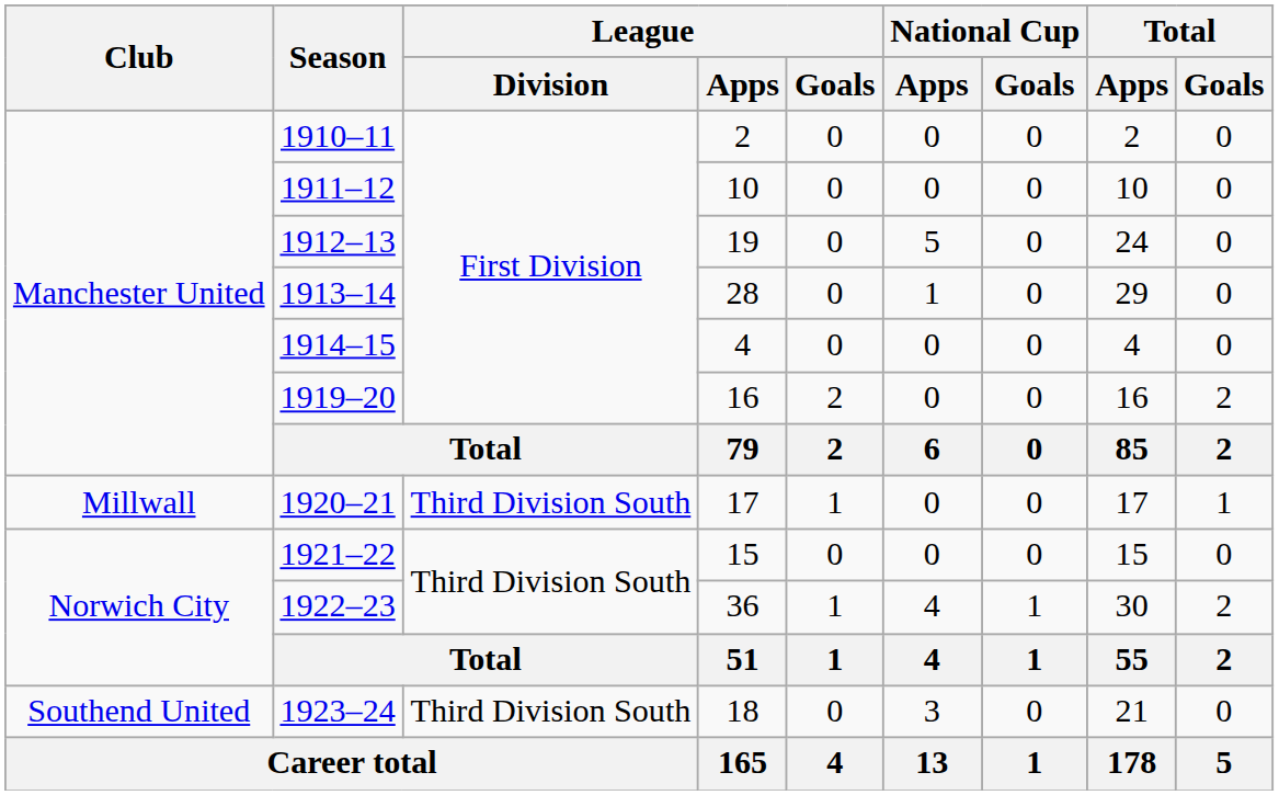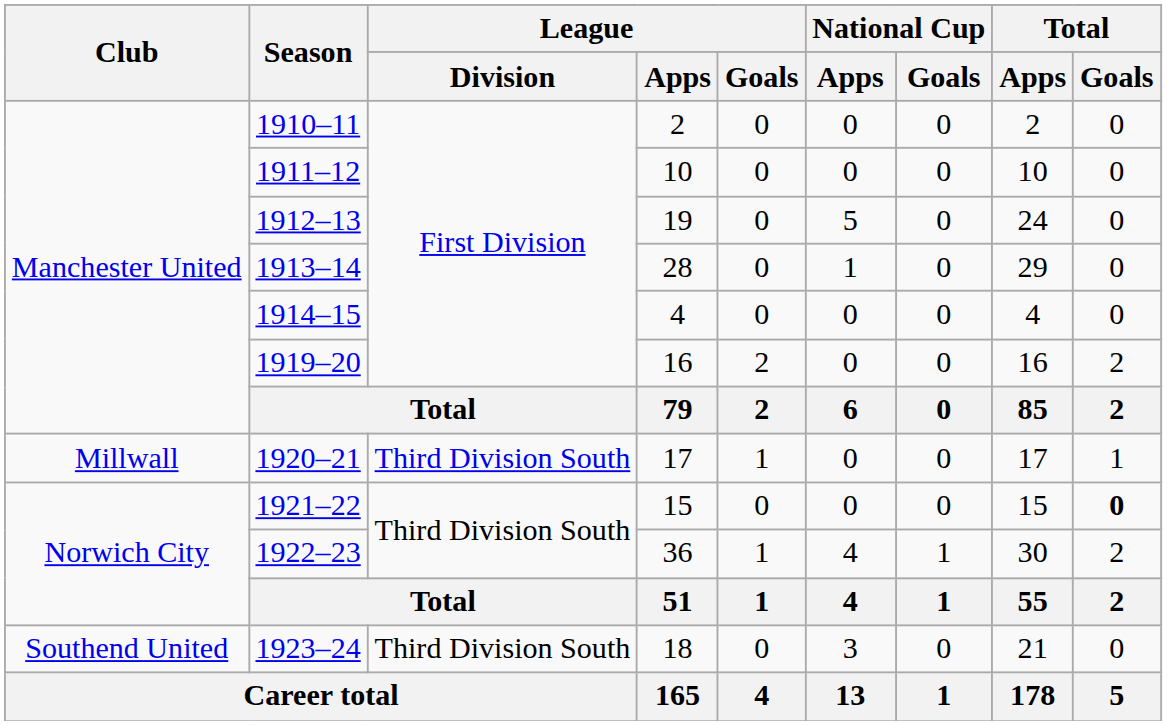 <table class="wikitable" style="text-align:center">
 <tr>
 <th rowspan="2">Club</th>
 <th rowspan="2">Season</th>
 <th colspan="3">League</th>
 <th colspan="2">National Cup</th>
 <th colspan="2">Total</th>
 </tr>
 <tr>
 <th>Division</th>
 <th>Apps</th>
 <th>Goals</th>
 <th>Apps</th>
 <th>Goals</th>
 <th>Apps</th>
 <th>Goals</th>
 </tr>
 <tr>
 <td rowspan="7"><a href='#'>Manchester United</a></td>
 <td><a href='#'>1910–11</a></td>
 <td rowspan="6"><a href='#'>First Division</a></td>
 <td>2</td>
 <td>0</td>
 <td>0</td>
 <td>0</td>
 <td>2</td>
 <td>0</td>
 </tr>
 <tr>
 <td><a href='#'>1911–12</a></td>
 <td>10</td>
 <td>0</td>
 <td>0</td>
 <td>0</td>
 <td>10</td>
 <td>0</td>
 </tr>
 <tr>
 <td><a href='#'>1912–13</a></td>
 <td>19</td>
 <td>0</td>
 <td>5</td>
 <td>0</td>
 <td>24</td>
 <td>0</td>
 </tr>
 <tr>
 <td><a href='#'>1913–14</a></td>
 <td>28</td>
 <td>0</td>
 <td>1</td>
 <td>0</td>
 <td>29</td>
 <td>0</td>
 </tr>
 <tr>
 <td><a href='#'>1914–15</a></td>
 <td>4</td>
 <td>0</td>
 <td>0</td>
 <td>0</td>
 <td>4</td>
 <td>0</td>
 </tr>
 <tr>
 <td><a href='#'>1919–20</a></td>
 <td>16</td>
 <td>2</td>
 <td>0</td>
 <td>0</td>
 <td>16</td>
 <td>2</td>
 </tr>
 <tr>
 <th colspan="2">Total</th>
 <th>79</th>
 <th>2</th>
 <th>6</th>
 <th>0</th>
 <th>85</th>
 <th>2</th>
 </tr>
 <tr>
 <td><a href='#'>Millwall</a></td>
 <td><a href='#'>1920–21</a></td>
 <td><a href='#'>Third Division South</a></td>
 <td>17</td>
 <td>1</td>
 <td>0</td>
 <td>0</td>
 <td>17</td>
 <td>1</td>
 </tr>
 <tr>
 <td rowspan="3"><a href='#'>Norwich City</a></td>
 <td><a href='#'>1921–22</a></td>
 <td rowspan="2">Third Division South</td>
 <td>15</td>
 <td>0</td>
 <td>0</td>
 <td>0</td>
 <td>15</td>
-<td>0</td>
+<td><strong>0</strong></td>
 </tr>
 <tr>
 <td><a href='#'>1922–23</a></td>
 <td>36</td>
 <td>1</td>
 <td>4</td>
 <td>1</td>
 <td>30</td>
 <td>2</td>
 </tr>
 <tr>
 <th colspan="2">Total</th>
 <th>51</th>
 <th>1</th>
 <th>4</th>
 <th>1</th>
 <th>55</th>
 <th>2</th>
 </tr>
 <tr>
 <td><a href='#'>Southend United</a></td>
 <td><a href='#'>1923–24</a></td>
 <td>Third Division South</td>
 <td>18</td>
 <td>0</td>
 <td>3</td>
 <td>0</td>
 <td>21</td>
 <td>0</td>
 </tr>
 <tr>
 <th colspan="3">Career total</th>
 <th>165</th>
 <th>4</th>
 <th>13</th>
 <th>1</th>
 <th>178</th>
 <th>5</th>
 </tr>
 </table>
